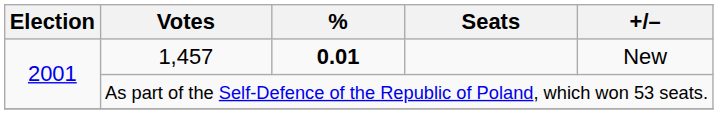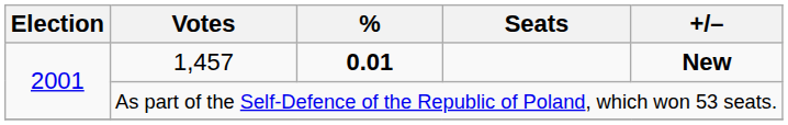 <table class=wikitable style=text-align:center>
 <tr>
 <th>Election</th>
 <th>Votes</th>
 <th>%</th>
 <th>Seats</th>
 <th>+/–</th>
 </tr>
 <tr>
 <td rowspan="2"><a href='#'>2001</a></td>
 <td>1,457</td>
 <td><strong>0.01</strong></td>
 <td></td>
-<td>New</td>
+<td><strong>New</strong></td>
 </tr>
 <tr>
 <td colspan=7><small>As part of the <a href='#'>Self-Defence of the Republic of Poland</a>, which won 53 seats.</small></td>
 </tr>
 <tr>
 </tr>
 </table>
